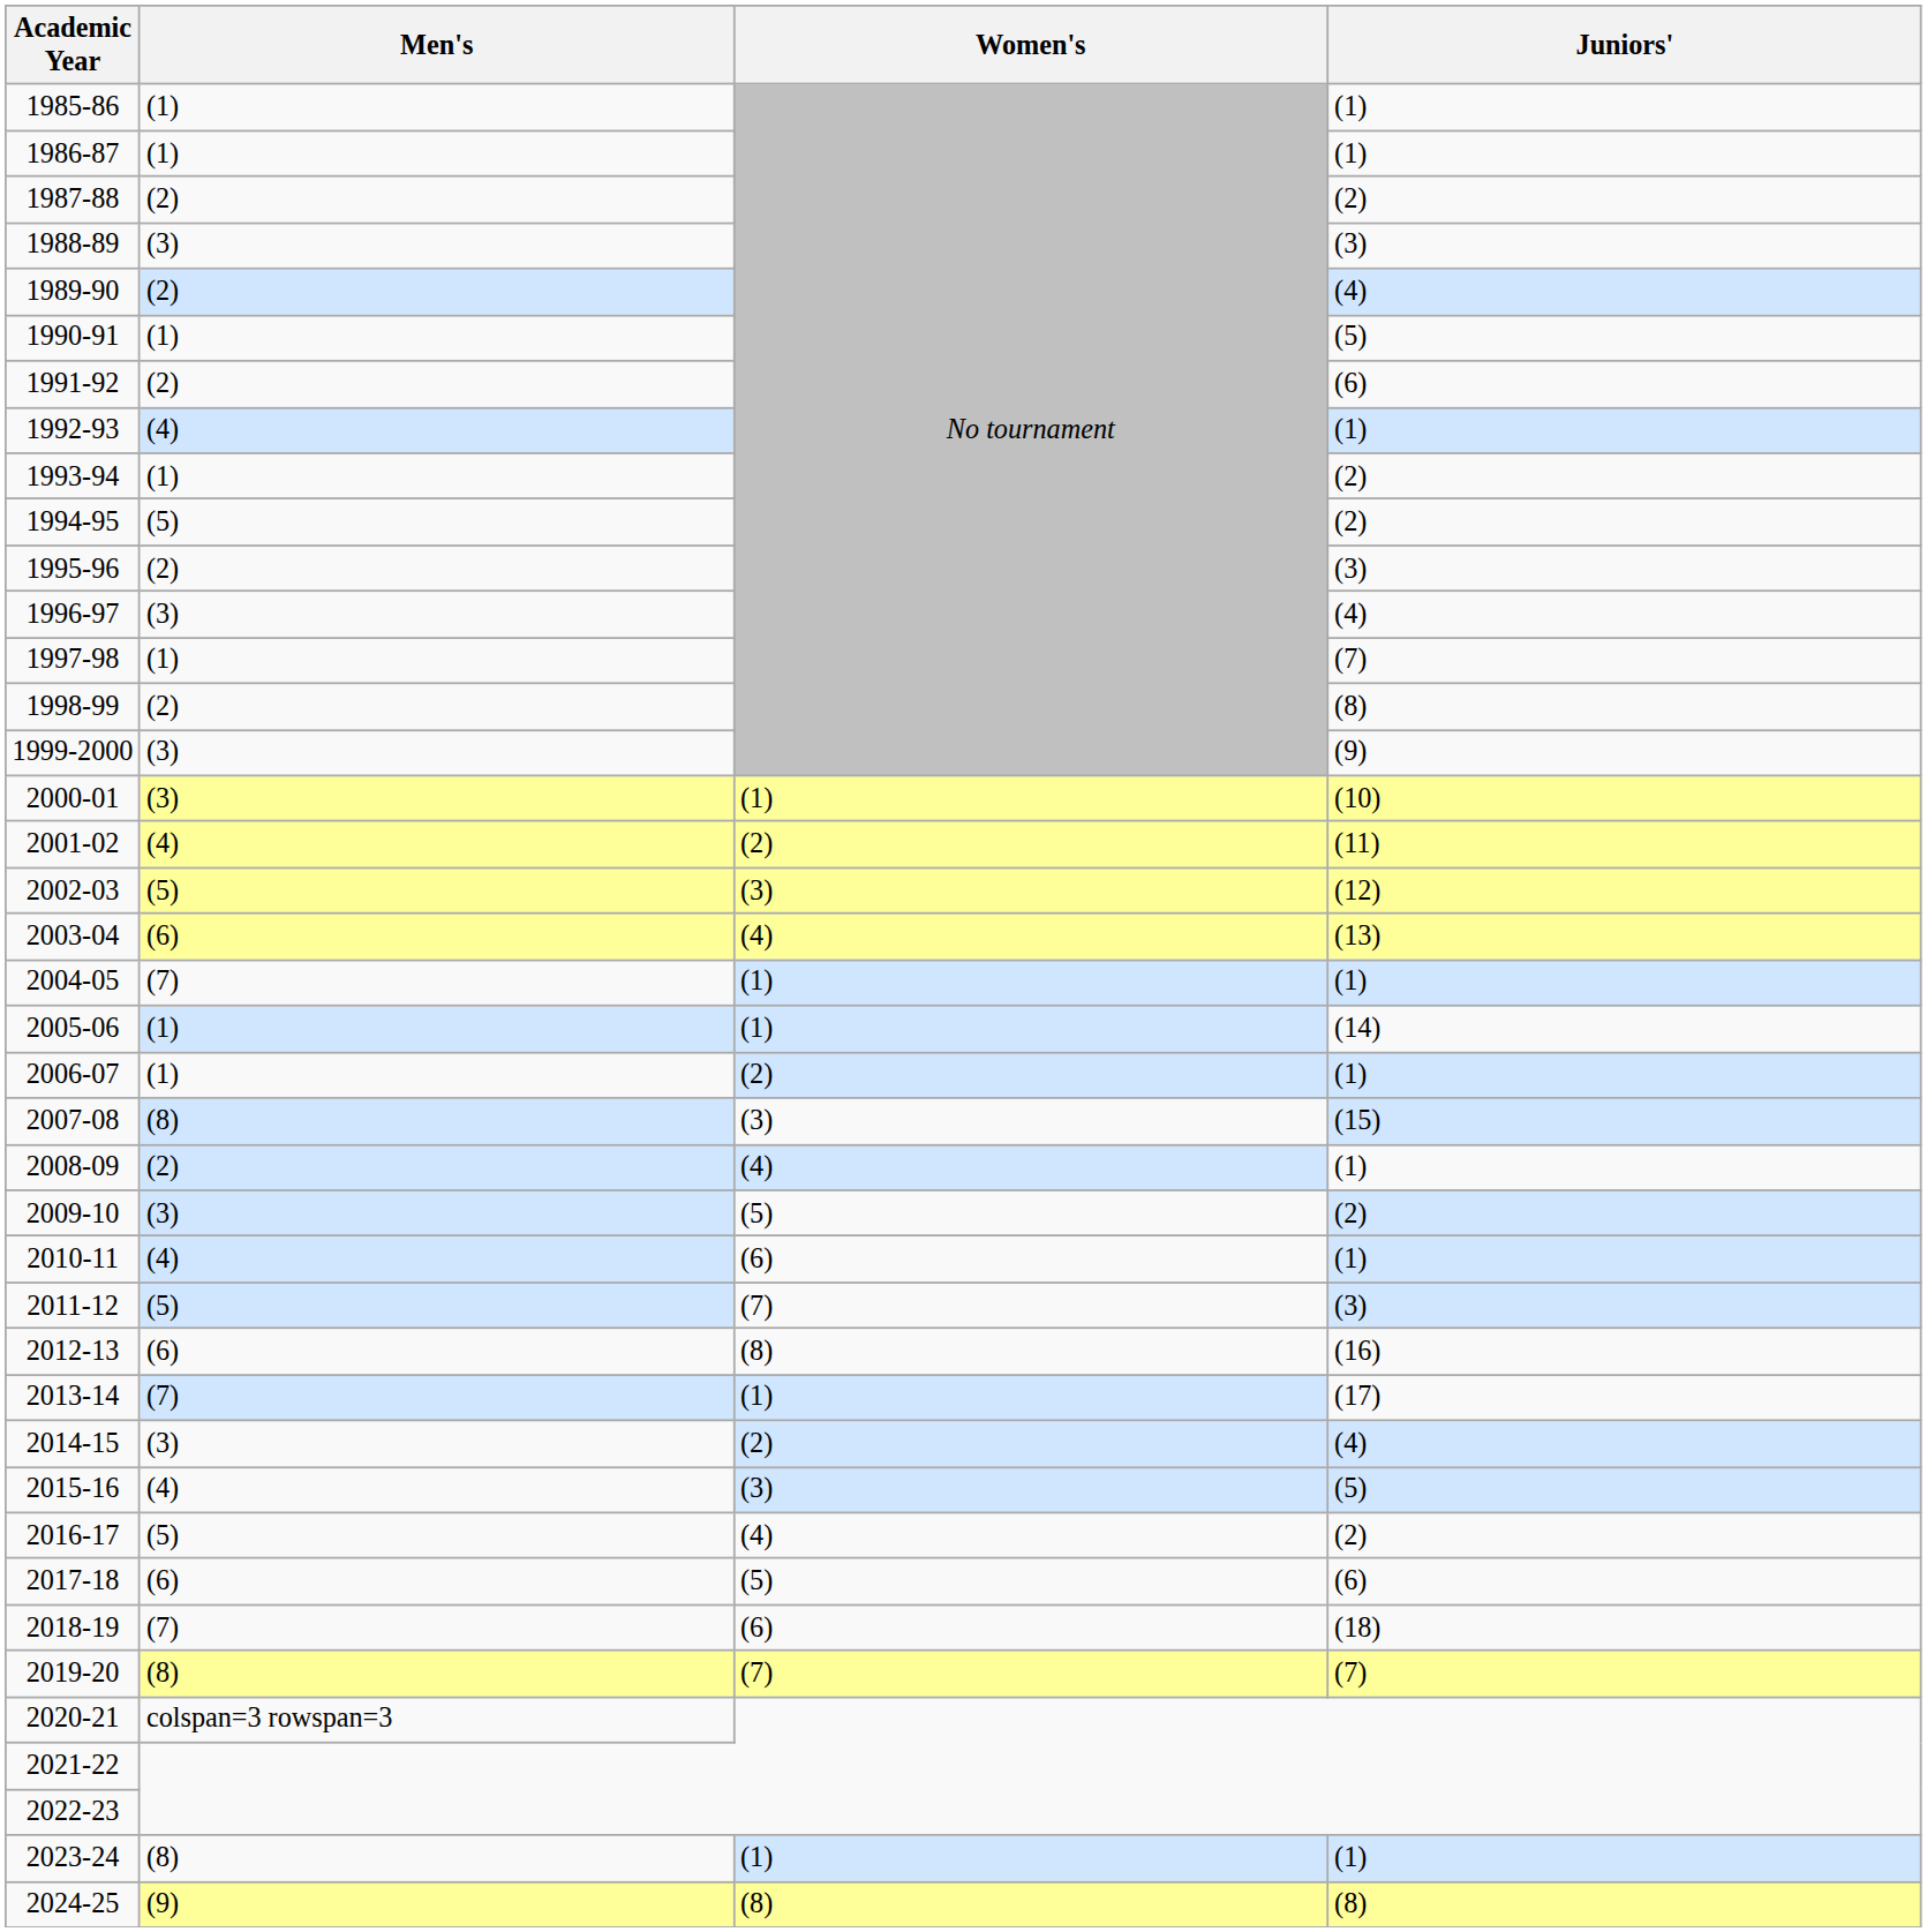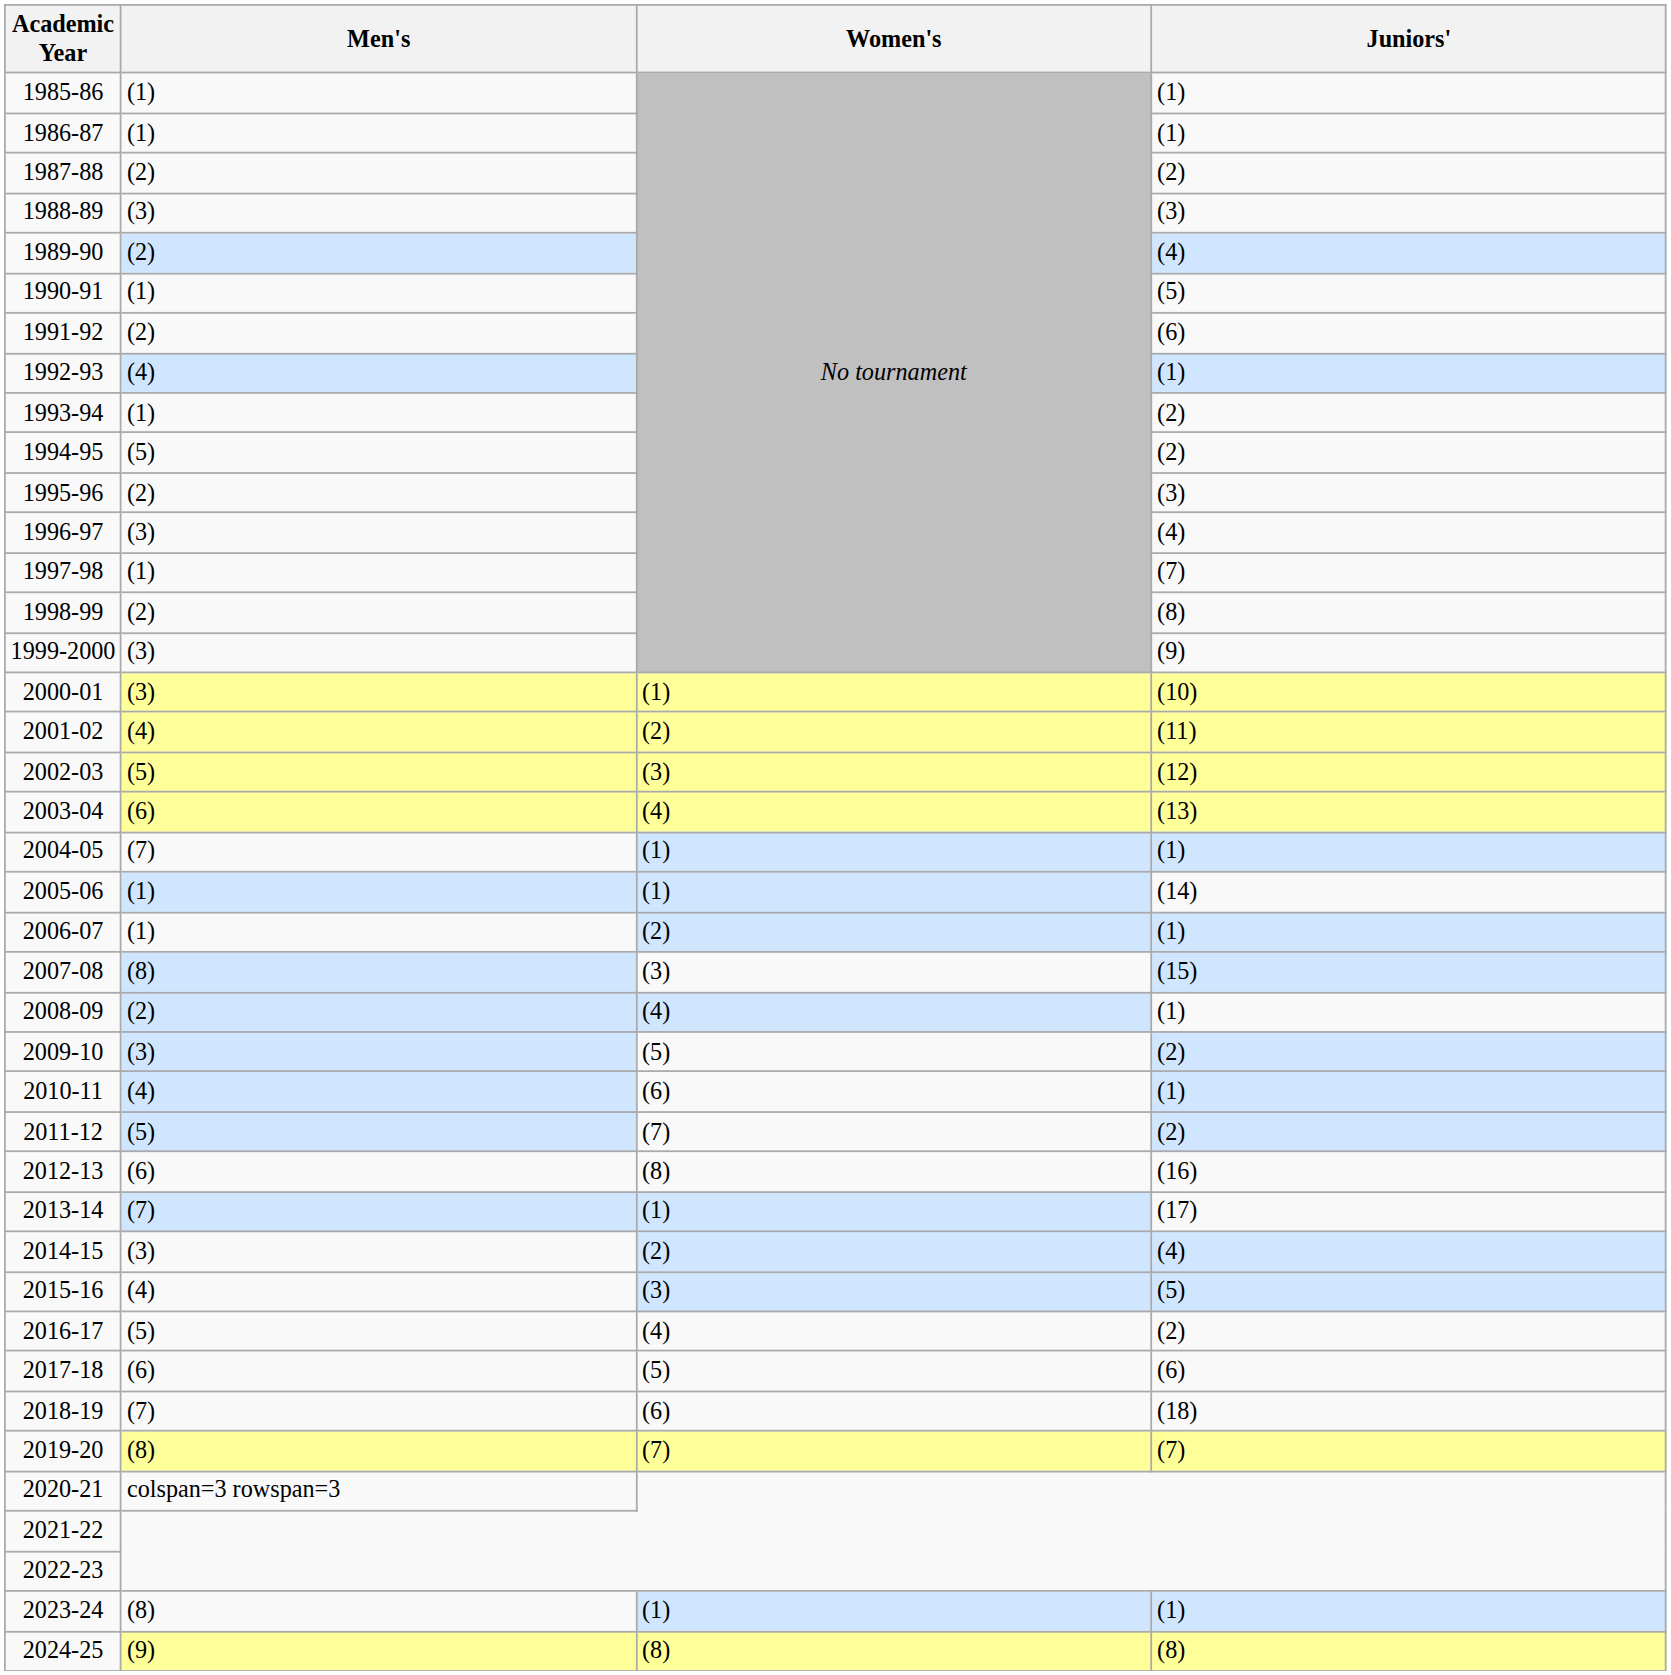 <table class="wikitable" style="font-size:85%;">
 <tr bgcolor="efefef">
 <th width=7%>Academic<br>Year</th>
 <th width="31%">Men's</th>
 <th width="31%">Women's</th>
 <th width="31%">Juniors'</th>
 </tr>
 <tr>
 <td align=center>1985-86</td>
 <td> (1)</td>
 <td rowspan="15" bgcolor="silver" align="center"><em>No tournament</em></td>
 <td> (1)</td>
 </tr>
 <tr>
 <td align=center>1986-87</td>
 <td> (1)</td>
 <td> (1)</td>
 </tr>
 <tr>
 <td align=center>1987-88</td>
 <td> (2)</td>
 <td> (2)</td>
 </tr>
 <tr>
 <td align=center>1988-89</td>
 <td> (3)</td>
 <td> (3)</td>
 </tr>
 <tr>
 <td align=center>1989-90</td>
 <td bgcolor="#D0E6FF"> (2)</td>
 <td bgcolor="#D0E6FF"> (4)</td>
 </tr>
 <tr>
 <td align=center>1990-91</td>
 <td> (1)</td>
 <td> (5)</td>
 </tr>
 <tr>
 <td align=center>1991-92</td>
 <td> (2)</td>
 <td> (6)</td>
 </tr>
 <tr>
 <td align=center>1992-93</td>
 <td bgcolor="#D0E6FF"> (4)</td>
 <td bgcolor="#D0E6FF"> (1)</td>
 </tr>
 <tr>
 <td align=center>1993-94</td>
 <td> (1)</td>
 <td> (2)</td>
 </tr>
 <tr>
 <td align=center>1994-95</td>
 <td> (5)</td>
 <td> (2)</td>
 </tr>
 <tr>
 <td align=center>1995-96</td>
 <td> (2)</td>
 <td> (3)</td>
 </tr>
 <tr>
 <td align=center>1996-97</td>
 <td> (3)</td>
 <td> (4)</td>
 </tr>
 <tr>
 <td align=center>1997-98</td>
 <td> (1)</td>
 <td> (7)</td>
 </tr>
 <tr>
 <td align=center>1998-99</td>
 <td> (2)</td>
 <td> (8)</td>
 </tr>
 <tr>
 <td align=center>1999-2000</td>
 <td> (3)</td>
 <td> (9)</td>
 </tr>
 <tr>
 <td align=center>2000-01</td>
 <td bgcolor="#FFFF99"> (3)</td>
 <td bgcolor="#FFFF99"> (1)</td>
 <td bgcolor="#FFFF99"> (10)</td>
 </tr>
 <tr>
 <td align=center>2001-02</td>
 <td bgcolor="#FFFF99"> (4)</td>
 <td bgcolor="#FFFF99"> (2)</td>
 <td bgcolor="#FFFF99"> (11)</td>
 </tr>
 <tr>
 <td align=center>2002-03</td>
 <td bgcolor="#FFFF99"> (5)</td>
 <td bgcolor="#FFFF99"> (3)</td>
 <td bgcolor="#FFFF99"> (12)</td>
 </tr>
 <tr>
 <td align=center>2003-04</td>
 <td bgcolor="#FFFF99"> (6)</td>
 <td bgcolor="#FFFF99"> (4)</td>
 <td bgcolor="#FFFF99"> (13)</td>
 </tr>
 <tr>
 <td align=center>2004-05</td>
 <td> (7)</td>
 <td bgcolor="#D0E6FF"> (1)</td>
 <td bgcolor="#D0E6FF"> (1)</td>
 </tr>
 <tr>
 <td align=center>2005-06</td>
 <td bgcolor="#D0E6FF"> (1)</td>
 <td bgcolor="#D0E6FF"> (1)</td>
 <td> (14)</td>
 </tr>
 <tr>
 <td align=center>2006-07</td>
 <td> (1)</td>
 <td bgcolor="#D0E6FF"> (2)</td>
 <td bgcolor="#D0E6FF"> (1)</td>
 </tr>
 <tr>
 <td align=center>2007-08</td>
 <td bgcolor="#D0E6FF"> (8)</td>
 <td> (3)</td>
 <td bgcolor="#D0E6FF"> (15)</td>
 </tr>
 <tr>
 <td align=center>2008-09</td>
 <td bgcolor="#D0E6FF"> (2)</td>
 <td bgcolor="#D0E6FF"> (4)</td>
 <td> (1)</td>
 </tr>
 <tr>
 <td align=center>2009-10</td>
 <td bgcolor="#D0E6FF"> (3)</td>
 <td> (5)</td>
 <td bgcolor="#D0E6FF"> (2)</td>
 </tr>
 <tr>
 <td align=center>2010-11</td>
 <td bgcolor="#D0E6FF"> (4)</td>
 <td> (6)</td>
 <td bgcolor="#D0E6FF"> (1)</td>
 </tr>
 <tr>
 <td align=center>2011-12</td>
 <td bgcolor="#D0E6FF"> (5)</td>
 <td> (7)</td>
-<td bgcolor="#D0E6FF"> (3)</td>
+<td bgcolor="#D0E6FF"> (2)</td>
 </tr>
 <tr>
 <td align=center>2012-13</td>
 <td> (6)</td>
 <td> (8)</td>
 <td> (16)</td>
 </tr>
 <tr>
 <td align=center>2013-14</td>
 <td bgcolor="#D0E6FF"> (7)</td>
 <td bgcolor="#D0E6FF"> (1)</td>
 <td> (17)</td>
 </tr>
 <tr>
 <td align=center>2014-15</td>
 <td> (3)</td>
 <td bgcolor="#D0E6FF"> (2)</td>
 <td bgcolor="#D0E6FF"> (4)</td>
 </tr>
 <tr>
 <td align=center>2015-16</td>
 <td> (4)</td>
 <td bgcolor="#D0E6FF"> (3)</td>
 <td bgcolor="#D0E6FF"> (5)</td>
 </tr>
 <tr>
 <td align=center>2016-17</td>
 <td> (5)</td>
 <td> (4)</td>
 <td> (2)</td>
 </tr>
 <tr>
 <td align=center>2017-18</td>
 <td> (6)</td>
 <td> (5)</td>
 <td> (6)</td>
 </tr>
 <tr>
 <td align=center>2018-19</td>
 <td> (7)</td>
 <td> (6)</td>
 <td> (18)</td>
 </tr>
 <tr>
 <td align=center>2019-20</td>
 <td bgcolor="#FFFF99"> (8)</td>
 <td bgcolor="#FFFF99"> (7)</td>
 <td bgcolor="#FFFF99"> (7)</td>
 </tr>
 <tr>
 <td align=center>2020-21</td>
 <td>colspan=3 rowspan=3 </td>
 </tr>
 <tr>
 <td align=center>2021-22</td>
 </tr>
 <tr>
 <td align=center>2022-23</td>
 </tr>
 <tr>
 <td align=center>2023-24</td>
 <td> (8)</td>
 <td bgcolor="#D0E6FF"> (1)</td>
 <td bgcolor="#D0E6FF"> (1)</td>
 </tr>
 <tr>
 <td align=center>2024-25</td>
 <td bgcolor="#FFFF99"> (9)</td>
 <td bgcolor="#FFFF99"> (8)</td>
 <td bgcolor="#FFFF99"> (8)</td>
 </tr>
 </table>
